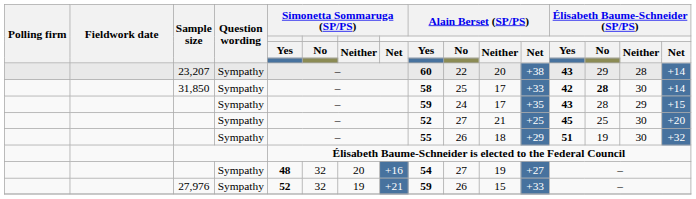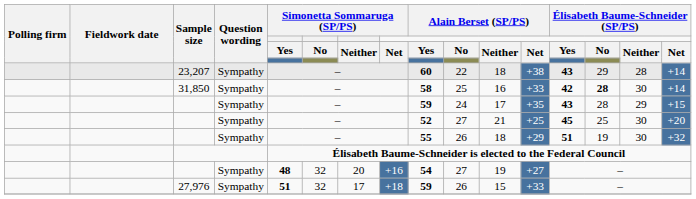 <table class="wikitable" style="text-align:center;font-size:90%;line-height:14px;">
 <tr style="height:40px;">
 <th style="width:80px;" rowspan="4">Polling firm</th>
 <th style="width:130px;" rowspan="4">Fieldwork date</th>
 <th style="width:35px;" rowspan="4">Sample<br>size</th>
 <th style="width:60px;" rowspan="4">Question wording</th>
 <th colspan="4"><a href='#'>Simonetta Sommaruga</a> (<a href='#'>SP/PS</a>)</th>
 <th colspan="4"><a href='#'>Alain Berset</a> (<a href='#'>SP/PS</a>)</th>
 <th colspan="4"><a href='#'>Élisabeth Baume-Schneider</a> (<a href='#'>SP/PS</a>)</th>
 </tr>
 <tr>
 <th style="background:"></th>
 <th style="background:"></th>
 <th style="background:"></th>
 </tr>
 <tr>
 <th style="width:40px;">Yes</th>
 <th style="width:40px;">No</th>
 <th style="width:30px;" rowspan="2">Neither</th>
 <th style="width:30px;" rowspan="2">Net</th>
 <th style="width:40px;">Yes</th>
 <th style="width:40px;">No</th>
 <th style="width:30px;" rowspan="2">Neither</th>
 <th style="width:30px;" rowspan="2">Net</th>
 <th style="width:40px;">Yes</th>
 <th style="width:40px;">No</th>
 <th style="width:30px;" rowspan="2">Neither</th>
 <th style="width:30px;" rowspan="2">Net</th>
 </tr>
 <tr>
 <th style="background:#47729E;"></th>
 <th style="background:#8B8B54;"></th>
 <th style="background:#47729E;"></th>
 <th style="background:#8B8B54;"></th>
 <th style="background:#47729E;"></th>
 <th style="background:#8B8B54;"></th>
 </tr>
 <tr style="background:#E9E9E9;">
 <td></td>
 <td></td>
 <td>23,207</td>
 <td>Sympathy</td>
 <td colspan=4>–</td>
 <td style="background:#"><strong>60</strong></td>
 <td>22</td>
-<td>20</td>
+<td>18</td>
 <td style="background:#47729E;color:#FFFFFF;">+38</td>
 <td style="background:#"><strong>43</strong></td>
 <td>29</td>
 <td>28</td>
 <td style="background:#47729E;color:#FFFFFF;">+14</td>
 </tr>
 <tr>
 <td></td>
 <td></td>
 <td>31,850</td>
 <td>Sympathy</td>
 <td colspan=4>–</td>
 <td style="background:#"><strong>58</strong></td>
 <td>25</td>
-<td>17</td>
+<td>16</td>
 <td style="background:#47729E;color:#FFFFFF;">+33</td>
 <td style="background:#"><strong>42</strong></td>
 <td><strong>28</strong></td>
 <td>30</td>
 <td style="background:#47729E;color:#FFFFFF;">+14</td>
 </tr>
 <tr>
 <td></td>
 <td></td>
 <td></td>
 <td>Sympathy</td>
 <td colspan=4>–</td>
 <td style="background:#"><strong>59</strong></td>
 <td>24</td>
 <td>17</td>
 <td style="background:#47729E;color:#FFFFFF;">+35</td>
 <td style="background:#"><strong>43</strong></td>
 <td>28</td>
 <td>29</td>
 <td style="background:#47729E;color:#FFFFFF;">+15</td>
 </tr>
 <tr>
 <td></td>
 <td></td>
 <td></td>
 <td>Sympathy</td>
 <td colspan=4>–</td>
 <td style="background:#"><strong>52</strong></td>
 <td>27</td>
 <td>21</td>
 <td style="background:#47729E;color:#FFFFFF;">+25</td>
 <td style="background:#"><strong>45</strong></td>
 <td>25</td>
 <td>30</td>
 <td style="background:#47729E;color:#FFFFFF;">+20</td>
 </tr>
 <tr>
 <td></td>
 <td></td>
 <td></td>
 <td>Sympathy</td>
 <td colspan=4>–</td>
 <td style="background:#"><strong>55</strong></td>
 <td>26</td>
 <td>18</td>
 <td style="background:#47729E;color:#FFFFFF;">+29</td>
 <td style="background:#"><strong>51</strong></td>
 <td>19</td>
 <td>30</td>
 <td style="background:#47729E;color:#FFFFFF;">+32</td>
 </tr>
 <tr>
 <td></td>
 <td></td>
 <td colspan=2></td>
 <td colspan=12><strong>Élisabeth Baume-Schneider is elected to the Federal Council</strong></td>
 </tr>
 <tr>
 <td></td>
 <td></td>
 <td></td>
 <td>Sympathy</td>
 <td style="background:#"><strong>48</strong></td>
 <td>32</td>
 <td>20</td>
 <td style="background:#47729E;color:#FFFFFF;">+16</td>
 <td style="background:#"><strong>54</strong></td>
 <td>27</td>
 <td>19</td>
 <td style="background:#47729E;color:#FFFFFF;">+27</td>
 <td colspan=4>–</td>
 </tr>
 <tr>
 <td></td>
 <td></td>
 <td>27,976</td>
 <td>Sympathy</td>
-<td style="background:#"><strong>52</strong></td>
+<td style="background:#"><strong>51</strong></td>
 <td>32</td>
-<td>19</td>
-<td style="background:#47729E;color:#FFFFFF;">+21</td>
+<td>17</td>
+<td style="background:#47729E;color:#FFFFFF;">+18</td>
 <td style="background:#"><strong>59</strong></td>
 <td>26</td>
 <td>15</td>
 <td style="background:#47729E;color:#FFFFFF;">+33</td>
 <td colspan=4>–</td>
 </tr>
 <tr>
 </tr>
 </table>
